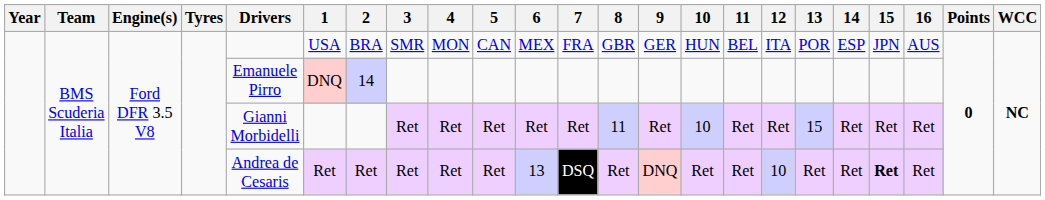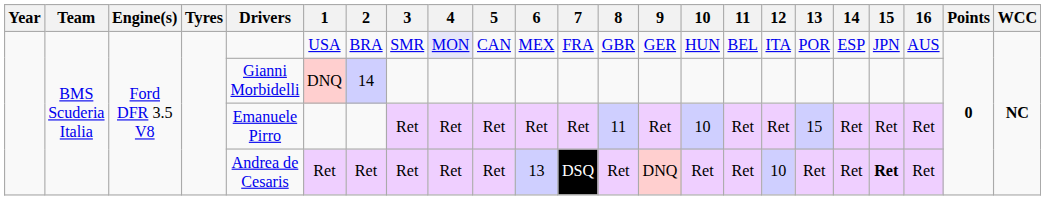 <table class="wikitable" style="text-align:center; font-size:90%">
 <tr>
 <th>Year</th>
 <th>Team</th>
 <th>Engine(s)</th>
 <th>Tyres</th>
 <th>Drivers</th>
 <th>1</th>
 <th>2</th>
 <th>3</th>
 <th>4</th>
 <th>5</th>
 <th>6</th>
 <th>7</th>
 <th>8</th>
 <th>9</th>
 <th>10</th>
 <th>11</th>
 <th>12</th>
 <th>13</th>
 <th>14</th>
 <th>15</th>
 <th>16</th>
 <th>Points</th>
 <th>WCC</th>
 </tr>
 <tr>
 <td rowspan="4"></td>
 <td rowspan="4"><a href='#'>BMS Scuderia Italia</a></td>
 <td rowspan="4"><a href='#'>Ford</a> <a href='#'>DFR</a> 3.5 <a href='#'>V8</a></td>
 <td rowspan="4"></td>
 <td></td>
 <td><a href='#'>USA</a></td>
 <td><a href='#'>BRA</a></td>
 <td><a href='#'>SMR</a></td>
-<td><a href='#'>MON</a></td>
+<td style="background: lavender;"><a href='#'>MON</a></td>
 <td><a href='#'>CAN</a></td>
 <td><a href='#'>MEX</a></td>
 <td><a href='#'>FRA</a></td>
 <td><a href='#'>GBR</a></td>
 <td><a href='#'>GER</a></td>
 <td><a href='#'>HUN</a></td>
 <td><a href='#'>BEL</a></td>
 <td><a href='#'>ITA</a></td>
 <td><a href='#'>POR</a></td>
 <td><a href='#'>ESP</a></td>
 <td><a href='#'>JPN</a></td>
 <td><a href='#'>AUS</a></td>
 <td rowspan="4"><strong>0</strong></td>
 <td rowspan="4"><strong>NC</strong></td>
 </tr>
 <tr>
-<td><a href='#'>Emanuele Pirro</a></td>
+<td><a href='#'>Gianni Morbidelli</a></td>
 <td style="background:#FFCFCF;">DNQ</td>
 <td style="background:#CFCFFF;">14</td>
 <td></td>
 <td></td>
 <td></td>
 <td></td>
 <td></td>
 <td></td>
 <td></td>
 <td></td>
 <td></td>
 <td></td>
 <td></td>
 <td></td>
 <td></td>
 <td></td>
 </tr>
 <tr>
-<td><a href='#'>Gianni Morbidelli</a></td>
+<td><a href='#'>Emanuele Pirro</a></td>
 <td></td>
 <td></td>
 <td style="background:#EFCFFF;">Ret</td>
 <td style="background:#EFCFFF;">Ret</td>
 <td style="background:#EFCFFF;">Ret</td>
 <td style="background:#EFCFFF;">Ret</td>
 <td style="background:#EFCFFF;">Ret</td>
 <td style="background:#CFCFFF;">11</td>
 <td style="background:#EFCFFF;">Ret</td>
 <td style="background:#CFCFFF;">10</td>
 <td style="background:#EFCFFF;">Ret</td>
 <td style="background:#EFCFFF;">Ret</td>
 <td style="background:#CFCFFF;">15</td>
 <td style="background:#EFCFFF;">Ret</td>
 <td style="background:#EFCFFF;">Ret</td>
 <td style="background:#EFCFFF;">Ret</td>
 </tr>
 <tr>
 <td><a href='#'>Andrea de Cesaris</a></td>
 <td style="background:#EFCFFF;">Ret</td>
 <td style="background:#EFCFFF;">Ret</td>
 <td style="background:#EFCFFF;">Ret</td>
 <td style="background:#EFCFFF;">Ret</td>
 <td style="background:#EFCFFF;">Ret</td>
 <td style="background:#CFCFFF;">13</td>
 <td style="background:#000000; color:white">DSQ</td>
 <td style="background:#EFCFFF;">Ret</td>
 <td style="background:#FFCFCF;">DNQ</td>
 <td style="background:#EFCFFF;">Ret</td>
 <td style="background:#EFCFFF;">Ret</td>
 <td style="background:#CFCFFF;">10</td>
 <td style="background:#EFCFFF;">Ret</td>
 <td style="background:#EFCFFF;">Ret</td>
 <td style="background:#EFCFFF;"><strong>Ret</strong></td>
 <td style="background:#EFCFFF;">Ret</td>
 </tr>
 </table>
